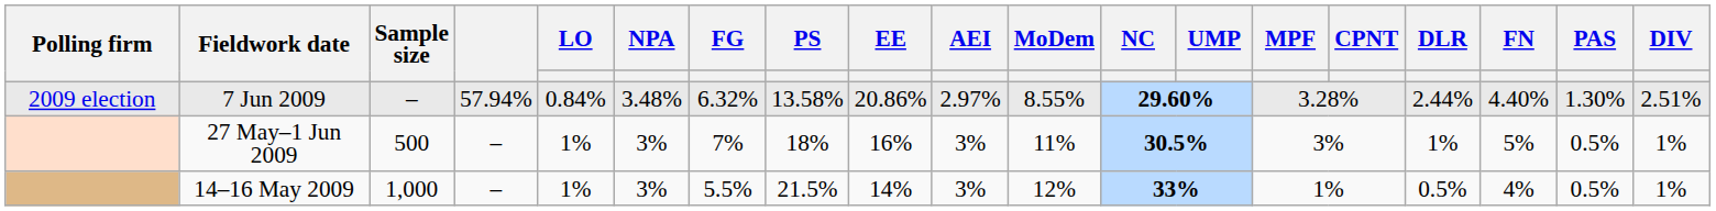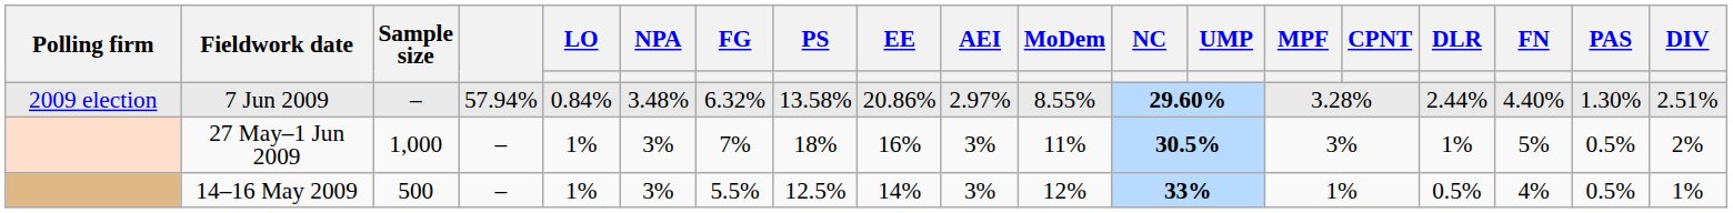 <table class="wikitable sortable" style="text-align:center;font-size:90%;line-height:14px;">
 <tr style="height:40px;">
 <th style="width:100px;" rowspan="2">Polling firm</th>
 <th style="width:110px;" rowspan="2">Fieldwork date</th>
 <th style="width:35px;" rowspan="2">Sample<br>size</th>
 <th style="width:30px;" rowspan="2"></th>
 <th class="unsortable" style="width:40px;"><a href='#'>LO</a></th>
 <th class="unsortable" style="width:40px;"><a href='#'>NPA</a></th>
 <th class="unsortable" style="width:40px;"><a href='#'>FG</a></th>
 <th class="unsortable" style="width:40px;"><a href='#'>PS</a></th>
 <th class="unsortable" style="width:40px;"><a href='#'>EE</a></th>
 <th class="unsortable" style="width:40px;"><a href='#'>AEI</a></th>
 <th class="unsortable" style="width:40px;"><a href='#'>MoDem</a></th>
 <th class="unsortable" style="width:40px;"><a href='#'>NC</a></th>
 <th class="unsortable" style="width:40px;"><a href='#'>UMP</a></th>
 <th class="unsortable" style="width:40px;"><a href='#'>MPF</a></th>
 <th class="unsortable" style="width:40px;"><a href='#'>CPNT</a></th>
 <th class="unsortable" style="width:40px;"><a href='#'>DLR</a></th>
 <th class="unsortable" style="width:40px;"><a href='#'>FN</a></th>
 <th class="unsortable" style="width:40px;"><a href='#'>PAS</a></th>
 <th class="unsortable" style="width:40px;"><a href='#'>DIV</a></th>
 </tr>
 <tr>
 <th style="background:"></th>
 <th style="background:"></th>
 <th style="background:"></th>
 <th style="background:"></th>
 <th style="background:"></th>
 <th style="background:"></th>
 <th style="background:"></th>
 <th style="background:"></th>
 <th style="background:"></th>
 <th style="background:"></th>
 <th style="background:"></th>
 <th style="background:"></th>
 <th style="background:"></th>
 <th style="background:"></th>
 <th style="background:"></th>
 </tr>
 <tr style="background:#E9E9E9;">
 <td><a href='#'>2009 election</a></td>
 <td data-sort-value="2009-06-07">7 Jun 2009</td>
 <td>–</td>
 <td>57.94%</td>
 <td>0.84%</td>
 <td>3.48%</td>
 <td>6.32%</td>
 <td>13.58%</td>
 <td>20.86%</td>
 <td>2.97%</td>
 <td>8.55%</td>
 <td style="background:#B9DAFF;" colspan="2"><strong>29.60%</strong></td>
 <td colspan="2">3.28%</td>
 <td>2.44%</td>
 <td>4.40%</td>
 <td>1.30%</td>
 <td>2.51%</td>
 </tr>
 <tr>
 <td style="background:#FFDFCC;"></td>
 <td data-sort-value="2009-06-01">27 May–1 Jun 2009</td>
-<td>500</td>
+<td>1,000</td>
 <td>–</td>
 <td>1%</td>
 <td>3%</td>
 <td>7%</td>
 <td>18%</td>
 <td>16%</td>
 <td>3%</td>
 <td>11%</td>
 <td style="background:#B9DAFF;" colspan="2"><strong>30.5%</strong></td>
 <td colspan="2">3%</td>
 <td>1%</td>
 <td>5%</td>
 <td>0.5%</td>
-<td>1%</td>
+<td>2%</td>
 </tr>
 <tr>
 <td style="background:burlywood;"></td>
 <td data-sort-value="2009-05-16">14–16 May 2009</td>
-<td>1,000</td>
+<td>500</td>
 <td>–</td>
 <td>1%</td>
 <td>3%</td>
 <td>5.5%</td>
-<td>21.5%</td>
+<td>12.5%</td>
 <td>14%</td>
 <td>3%</td>
 <td>12%</td>
 <td style="background:#B9DAFF;" colspan="2"><strong>33%</strong></td>
 <td colspan="2">1%</td>
 <td>0.5%</td>
 <td>4%</td>
 <td>0.5%</td>
 <td>1%</td>
 </tr>
 </table>
